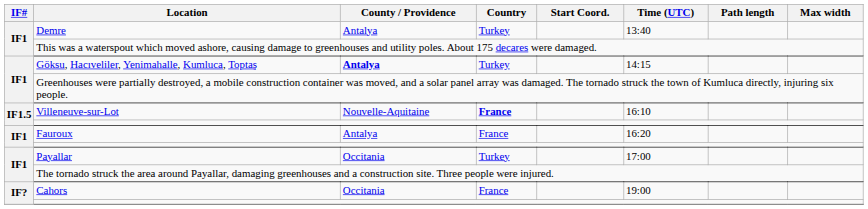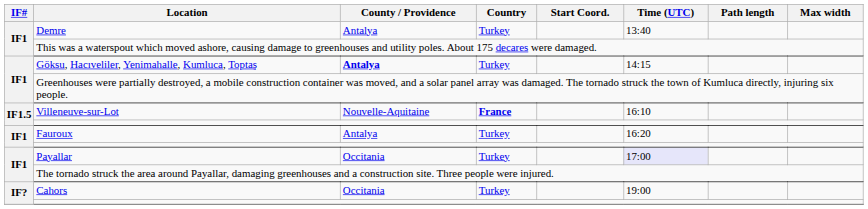 <table class="wikitable sortable" style="width:100%;">
 <tr>
 <th scope="col" width="2%" align="center"><a href='#'>IF#</a></th>
 <th scope="col" align="center" class="unsortable">Location</th>
 <th scope="col" align="center" class="unsortable">County / Providence</th>
 <th scope="col" align="center">Country</th>
 <th scope="col" align="center">Start Coord.</th>
 <th scope="col" align="center">Time (<a href='#'>UTC</a>)</th>
 <th scope="col" align="center">Path length</th>
 <th scope="col" align="center">Max width</th>
 </tr>
 <tr>
 <th scope="row" rowspan="2" style="background-color:#">IF1</th>
 <td><a href='#'>Demre</a></td>
 <td><a href='#'>Antalya</a></td>
 <td><a href='#'>Turkey</a></td>
 <td></td>
 <td>13:40</td>
 <td></td>
 <td></td>
 </tr>
 <tr class="expand-child">
 <td colspan="8" style=" border-bottom: 1px solid black;">This was a waterspout which moved ashore, causing damage to greenhouses and utility poles. About 175 <a href='#'>decares</a> were damaged.</td>
 </tr>
 <tr>
 <th scope="row" rowspan="2" style="background-color:#">IF1</th>
 <td><a href='#'>Göksu</a>, <a href='#'>Hacıveliler</a>, <a href='#'>Yenimahalle</a>, <a href='#'>Kumluca</a>, <a href='#'>Toptaş</a></td>
 <td><strong><a href='#'>Antalya</a></strong></td>
 <td><a href='#'>Turkey</a></td>
 <td></td>
 <td>14:15</td>
 <td></td>
 <td></td>
 </tr>
 <tr class="expand-child">
 <td colspan="8" style=" border-bottom: 1px solid black;">Greenhouses were partially destroyed, a mobile construction container was moved, and a solar panel array was damaged. The tornado struck the town of Kumluca directly, injuring six people.</td>
 </tr>
 <tr>
 <th scope="row" rowspan="2" style="background-color:#">IF1.5</th>
 <td><a href='#'>Villeneuve-sur-Lot</a></td>
 <td><a href='#'>Nouvelle-Aquitaine</a></td>
 <td><strong><a href='#'>France</a></strong></td>
 <td></td>
 <td>16:10</td>
 <td></td>
 <td></td>
 </tr>
 <tr class="expand-child">
 <td colspan="8" style=" border-bottom: 1px solid black;"></td>
 </tr>
 <tr>
 <th scope="row" rowspan="2" style="background-color:#">IF1</th>
 <td><a href='#'>Fauroux</a></td>
 <td><a href='#'>Antalya</a></td>
-<td><a href='#'>France</a></td>
+<td><a href='#'>Turkey</a></td>
 <td></td>
 <td>16:20</td>
 <td></td>
 <td></td>
 </tr>
 <tr class="expand-child">
 <td colspan="8" style=" border-bottom: 1px solid black;"></td>
 </tr>
 <tr>
 <th scope="row" rowspan="2" style="background-color:#">IF1</th>
 <td><a href='#'>Payallar</a></td>
 <td><a href='#'>Occitania</a></td>
 <td><a href='#'>Turkey</a></td>
 <td></td>
-<td>17:00</td>
+<td style="background: lavender;">17:00</td>
 <td></td>
 <td></td>
 </tr>
 <tr class="expand-child">
 <td colspan="8" style=" border-bottom: 1px solid black;">The tornado struck the area around Payallar, damaging greenhouses and a construction site. Three people were injured.</td>
 </tr>
 <tr>
 <th scope="row" rowspan="2" style="background-color:#">IF?</th>
 <td><a href='#'>Cahors</a></td>
 <td><a href='#'>Occitania</a></td>
-<td><a href='#'>France</a></td>
+<td><a href='#'>Turkey</a></td>
 <td></td>
 <td>19:00</td>
 <td></td>
 <td></td>
 </tr>
 <tr class="expand-child">
 <td colspan="8" style=" border-bottom: 1px solid black;"></td>
 </tr>
 <tr>
 </tr>
 </table>
